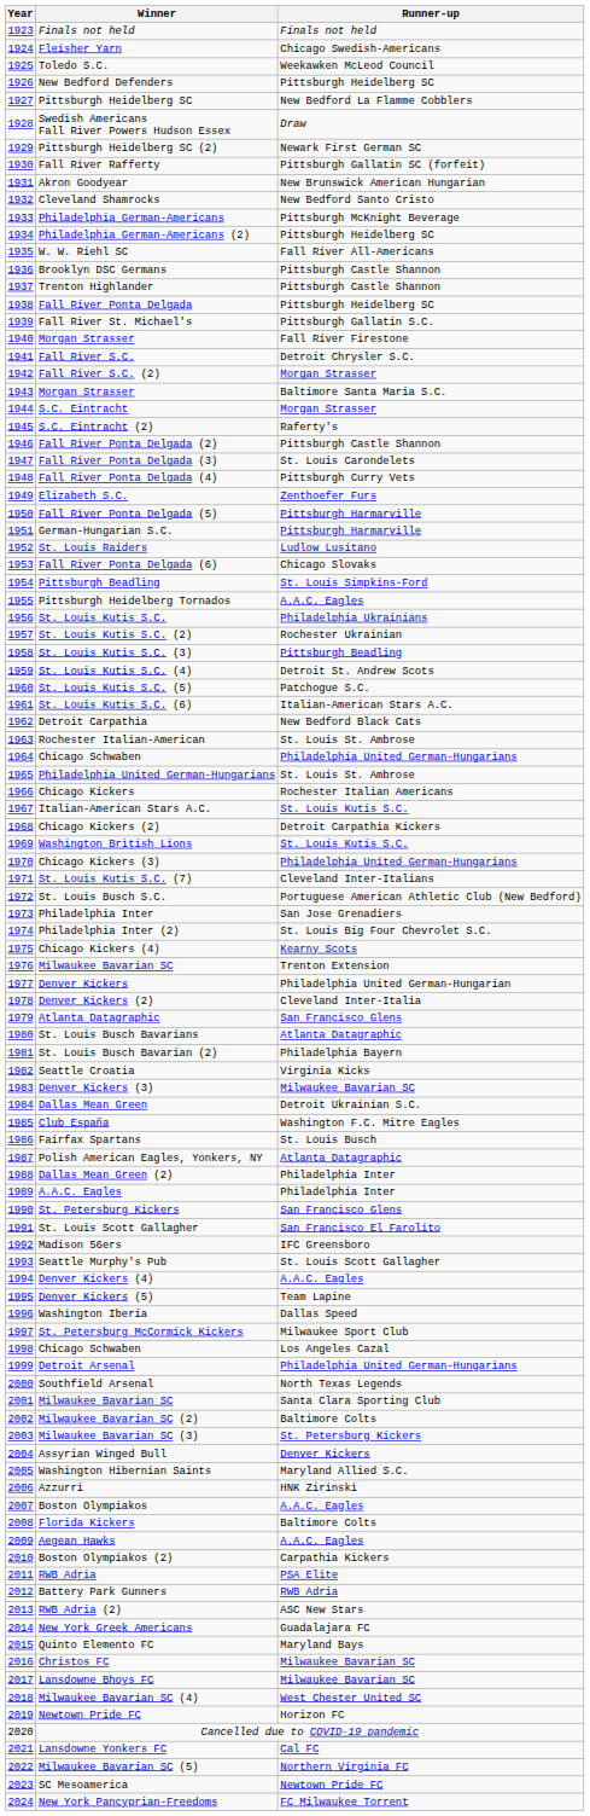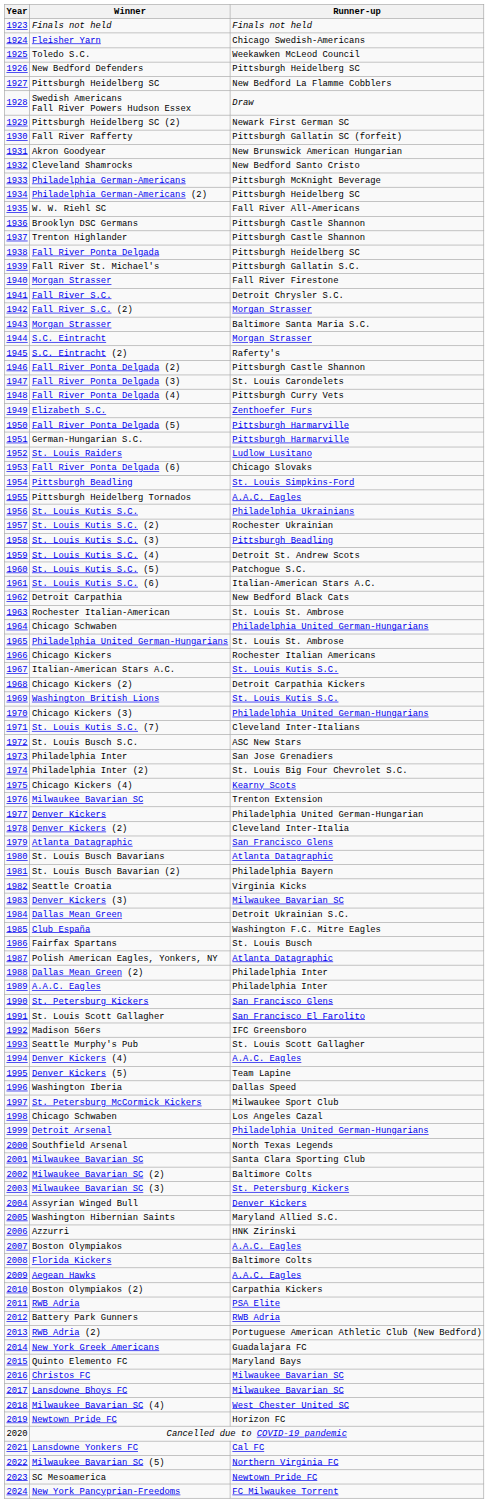 <table class="wikitable">
 <tr>
 <th>Year</th>
 <th>Winner</th>
 <th>Runner-up</th>
 </tr>
 <tr>
 <td><a href='#'>1923</a></td>
 <td><em>Finals not held</em></td>
 <td><em>Finals not held</em></td>
 </tr>
 <tr>
 <td><a href='#'>1924</a></td>
 <td><a href='#'>Fleisher Yarn</a></td>
 <td>Chicago Swedish-Americans</td>
 </tr>
 <tr>
 <td><a href='#'>1925</a></td>
 <td>Toledo S.C.</td>
 <td>Weekawken McLeod Council</td>
 </tr>
 <tr>
 <td><a href='#'>1926</a></td>
 <td>New Bedford Defenders</td>
 <td>Pittsburgh Heidelberg SC</td>
 </tr>
 <tr>
 <td><a href='#'>1927</a></td>
 <td>Pittsburgh Heidelberg SC</td>
 <td>New Bedford La Flamme Cobblers</td>
 </tr>
 <tr>
 <td><a href='#'>1928</a></td>
 <td>Swedish Americans<br>Fall River Powers Hudson Essex</td>
 <td><em>Draw</em></td>
 </tr>
 <tr>
 <td><a href='#'>1929</a></td>
 <td>Pittsburgh Heidelberg SC (2)</td>
 <td>Newark First German SC</td>
 </tr>
 <tr>
 <td><a href='#'>1930</a></td>
 <td>Fall River Rafferty</td>
 <td>Pittsburgh Gallatin SC (forfeit)</td>
 </tr>
 <tr>
 <td><a href='#'>1931</a></td>
 <td>Akron Goodyear</td>
 <td>New Brunswick American Hungarian</td>
 </tr>
 <tr>
 <td><a href='#'>1932</a></td>
 <td>Cleveland Shamrocks</td>
 <td>New Bedford Santo Cristo</td>
 </tr>
 <tr>
 <td><a href='#'>1933</a></td>
 <td><a href='#'>Philadelphia German-Americans</a></td>
 <td>Pittsburgh McKnight Beverage</td>
 </tr>
 <tr>
 <td><a href='#'>1934</a></td>
 <td><a href='#'>Philadelphia German-Americans</a> (2)</td>
 <td>Pittsburgh Heidelberg SC</td>
 </tr>
 <tr>
 <td><a href='#'>1935</a></td>
 <td>W. W. Riehl SC</td>
 <td>Fall River All-Americans</td>
 </tr>
 <tr>
 <td><a href='#'>1936</a></td>
 <td>Brooklyn DSC Germans</td>
 <td>Pittsburgh Castle Shannon</td>
 </tr>
 <tr>
 <td><a href='#'>1937</a></td>
 <td>Trenton Highlander</td>
 <td>Pittsburgh Castle Shannon</td>
 </tr>
 <tr>
 <td><a href='#'>1938</a></td>
 <td><a href='#'>Fall River Ponta Delgada</a></td>
 <td>Pittsburgh Heidelberg SC</td>
 </tr>
 <tr>
 <td><a href='#'>1939</a></td>
 <td>Fall River St. Michael's</td>
 <td>Pittsburgh Gallatin S.C.</td>
 </tr>
 <tr>
 <td><a href='#'>1940</a></td>
 <td><a href='#'>Morgan Strasser</a></td>
 <td>Fall River Firestone</td>
 </tr>
 <tr>
 <td><a href='#'>1941</a></td>
 <td><a href='#'>Fall River S.C.</a></td>
 <td>Detroit Chrysler S.C.</td>
 </tr>
 <tr>
 <td><a href='#'>1942</a></td>
 <td><a href='#'>Fall River S.C.</a> (2)</td>
 <td><a href='#'>Morgan Strasser</a></td>
 </tr>
 <tr>
 <td><a href='#'>1943</a></td>
 <td><a href='#'>Morgan Strasser</a></td>
 <td>Baltimore Santa Maria S.C.</td>
 </tr>
 <tr>
 <td><a href='#'>1944</a></td>
 <td><a href='#'>S.C. Eintracht</a></td>
 <td><a href='#'>Morgan Strasser</a></td>
 </tr>
 <tr>
 <td><a href='#'>1945</a></td>
 <td><a href='#'>S.C. Eintracht</a> (2)</td>
 <td>Raferty's</td>
 </tr>
 <tr>
 <td><a href='#'>1946</a></td>
 <td><a href='#'>Fall River Ponta Delgada</a> (2)</td>
 <td>Pittsburgh Castle Shannon</td>
 </tr>
 <tr>
 <td><a href='#'>1947</a></td>
 <td><a href='#'>Fall River Ponta Delgada</a> (3)</td>
 <td>St. Louis Carondelets</td>
 </tr>
 <tr>
 <td><a href='#'>1948</a></td>
 <td><a href='#'>Fall River Ponta Delgada</a> (4)</td>
 <td>Pittsburgh Curry Vets</td>
 </tr>
 <tr>
 <td><a href='#'>1949</a></td>
 <td><a href='#'>Elizabeth S.C.</a></td>
 <td><a href='#'>Zenthoefer Furs</a></td>
 </tr>
 <tr>
 <td><a href='#'>1950</a></td>
 <td><a href='#'>Fall River Ponta Delgada</a> (5)</td>
 <td><a href='#'>Pittsburgh Harmarville</a></td>
 </tr>
 <tr>
 <td><a href='#'>1951</a></td>
 <td>German-Hungarian S.C.</td>
 <td><a href='#'>Pittsburgh Harmarville</a></td>
 </tr>
 <tr>
 <td><a href='#'>1952</a></td>
 <td><a href='#'>St. Louis Raiders</a></td>
 <td><a href='#'>Ludlow Lusitano</a></td>
 </tr>
 <tr>
 <td><a href='#'>1953</a></td>
 <td><a href='#'>Fall River Ponta Delgada</a> (6)</td>
 <td>Chicago Slovaks</td>
 </tr>
 <tr>
 <td><a href='#'>1954</a></td>
 <td><a href='#'>Pittsburgh Beadling</a></td>
 <td><a href='#'>St. Louis Simpkins-Ford</a></td>
 </tr>
 <tr>
 <td><a href='#'>1955</a></td>
 <td>Pittsburgh Heidelberg Tornados</td>
 <td><a href='#'>A.A.C. Eagles</a></td>
 </tr>
 <tr>
 <td><a href='#'>1956</a></td>
 <td><a href='#'>St. Louis Kutis S.C.</a></td>
 <td><a href='#'>Philadelphia Ukrainians</a></td>
 </tr>
 <tr>
 <td><a href='#'>1957</a></td>
 <td><a href='#'>St. Louis Kutis S.C.</a> (2)</td>
 <td>Rochester Ukrainian</td>
 </tr>
 <tr>
 <td><a href='#'>1958</a></td>
 <td><a href='#'>St. Louis Kutis S.C.</a> (3)</td>
 <td><a href='#'>Pittsburgh Beadling</a></td>
 </tr>
 <tr>
 <td><a href='#'>1959</a></td>
 <td><a href='#'>St. Louis Kutis S.C.</a> (4)</td>
 <td>Detroit St. Andrew Scots</td>
 </tr>
 <tr>
 <td><a href='#'>1960</a></td>
 <td><a href='#'>St. Louis Kutis S.C.</a> (5)</td>
 <td>Patchogue S.C.</td>
 </tr>
 <tr>
 <td><a href='#'>1961</a></td>
 <td><a href='#'>St. Louis Kutis S.C.</a> (6)</td>
 <td>Italian-American Stars A.C.</td>
 </tr>
 <tr>
 <td><a href='#'>1962</a></td>
 <td>Detroit Carpathia</td>
 <td>New Bedford Black Cats</td>
 </tr>
 <tr>
 <td><a href='#'>1963</a></td>
 <td>Rochester Italian-American</td>
 <td>St. Louis St. Ambrose</td>
 </tr>
 <tr>
 <td><a href='#'>1964</a></td>
 <td>Chicago Schwaben</td>
 <td><a href='#'>Philadelphia United German-Hungarians</a></td>
 </tr>
 <tr>
 <td><a href='#'>1965</a></td>
 <td><a href='#'>Philadelphia United German-Hungarians</a></td>
 <td>St. Louis St. Ambrose</td>
 </tr>
 <tr>
 <td><a href='#'>1966</a></td>
 <td>Chicago Kickers</td>
 <td>Rochester Italian Americans</td>
 </tr>
 <tr>
 <td><a href='#'>1967</a></td>
 <td>Italian-American Stars A.C.</td>
 <td><a href='#'>St. Louis Kutis S.C.</a></td>
 </tr>
 <tr>
 <td><a href='#'>1968</a></td>
 <td>Chicago Kickers (2)</td>
 <td>Detroit Carpathia Kickers</td>
 </tr>
 <tr>
 <td><a href='#'>1969</a></td>
 <td><a href='#'>Washington British Lions</a></td>
 <td><a href='#'>St. Louis Kutis S.C.</a></td>
 </tr>
 <tr>
 <td><a href='#'>1970</a></td>
 <td>Chicago Kickers (3)</td>
 <td><a href='#'>Philadelphia United German-Hungarians</a></td>
 </tr>
 <tr>
 <td><a href='#'>1971</a></td>
 <td><a href='#'>St. Louis Kutis S.C.</a> (7)</td>
 <td>Cleveland Inter-Italians</td>
 </tr>
 <tr>
 <td><a href='#'>1972</a></td>
 <td>St. Louis Busch S.C.</td>
-<td>Portuguese American Athletic Club (New Bedford)</td>
+<td>ASC New Stars</td>
 </tr>
 <tr>
 <td><a href='#'>1973</a></td>
 <td>Philadelphia Inter</td>
 <td>San Jose Grenadiers</td>
 </tr>
 <tr>
 <td><a href='#'>1974</a></td>
 <td>Philadelphia Inter (2)</td>
 <td>St. Louis Big Four Chevrolet S.C.</td>
 </tr>
 <tr>
 <td><a href='#'>1975</a></td>
 <td>Chicago Kickers (4)</td>
 <td><a href='#'>Kearny Scots</a></td>
 </tr>
 <tr>
 <td><a href='#'>1976</a></td>
 <td><a href='#'>Milwaukee Bavarian SC</a></td>
 <td>Trenton Extension</td>
 </tr>
 <tr>
 <td><a href='#'>1977</a></td>
 <td><a href='#'>Denver Kickers</a></td>
 <td>Philadelphia United German-Hungarian</td>
 </tr>
 <tr>
 <td><a href='#'>1978</a></td>
 <td><a href='#'>Denver Kickers</a> (2)</td>
 <td>Cleveland Inter-Italia</td>
 </tr>
 <tr>
 <td><a href='#'>1979</a></td>
 <td><a href='#'>Atlanta Datagraphic</a></td>
 <td><a href='#'>San Francisco Glens</a></td>
 </tr>
 <tr>
 <td><a href='#'>1980</a></td>
 <td>St. Louis Busch Bavarians</td>
 <td><a href='#'>Atlanta Datagraphic</a></td>
 </tr>
 <tr>
 <td><a href='#'>1981</a></td>
 <td>St. Louis Busch Bavarian (2)</td>
 <td>Philadelphia Bayern</td>
 </tr>
 <tr>
 <td><a href='#'>1982</a></td>
 <td>Seattle Croatia</td>
 <td>Virginia Kicks</td>
 </tr>
 <tr>
 <td><a href='#'>1983</a></td>
 <td><a href='#'>Denver Kickers</a> (3)</td>
 <td><a href='#'>Milwaukee Bavarian SC</a></td>
 </tr>
 <tr>
 <td><a href='#'>1984</a></td>
 <td><a href='#'>Dallas Mean Green</a></td>
 <td>Detroit Ukrainian S.C.</td>
 </tr>
 <tr>
 <td><a href='#'>1985</a></td>
 <td><a href='#'>Club España</a></td>
 <td>Washington F.C. Mitre Eagles</td>
 </tr>
 <tr>
 <td><a href='#'>1986</a></td>
 <td>Fairfax Spartans</td>
 <td>St. Louis Busch</td>
 </tr>
 <tr>
 <td><a href='#'>1987</a></td>
 <td>Polish American Eagles, Yonkers, NY</td>
 <td><a href='#'>Atlanta Datagraphic</a></td>
 </tr>
 <tr>
 <td><a href='#'>1988</a></td>
 <td><a href='#'>Dallas Mean Green</a> (2)</td>
 <td>Philadelphia Inter</td>
 </tr>
 <tr>
 <td><a href='#'>1989</a></td>
 <td><a href='#'>A.A.C. Eagles</a></td>
 <td>Philadelphia Inter</td>
 </tr>
 <tr>
 <td><a href='#'>1990</a></td>
 <td><a href='#'>St. Petersburg Kickers</a></td>
 <td><a href='#'>San Francisco Glens</a></td>
 </tr>
 <tr>
 <td><a href='#'>1991</a></td>
 <td>St. Louis Scott Gallagher</td>
 <td><a href='#'>San Francisco El Farolito</a></td>
 </tr>
 <tr>
 <td><a href='#'>1992</a></td>
 <td>Madison 56ers</td>
 <td>IFC Greensboro</td>
 </tr>
 <tr>
 <td><a href='#'>1993</a></td>
 <td>Seattle Murphy's Pub</td>
 <td>St. Louis Scott Gallagher</td>
 </tr>
 <tr>
 <td><a href='#'>1994</a></td>
 <td><a href='#'>Denver Kickers</a> (4)</td>
 <td><a href='#'>A.A.C. Eagles</a></td>
 </tr>
 <tr>
 <td><a href='#'>1995</a></td>
 <td><a href='#'>Denver Kickers</a> (5)</td>
 <td>Team Lapine</td>
 </tr>
 <tr>
 <td><a href='#'>1996</a></td>
 <td>Washington Iberia</td>
 <td>Dallas Speed</td>
 </tr>
 <tr>
 <td><a href='#'>1997</a></td>
 <td><a href='#'>St. Petersburg McCormick Kickers</a></td>
 <td>Milwaukee Sport Club</td>
 </tr>
 <tr>
 <td><a href='#'>1998</a></td>
 <td>Chicago Schwaben</td>
 <td>Los Angeles Cazal</td>
 </tr>
 <tr>
 <td><a href='#'>1999</a></td>
 <td><a href='#'>Detroit Arsenal</a></td>
 <td><a href='#'>Philadelphia United German-Hungarians</a></td>
 </tr>
 <tr>
 <td><a href='#'>2000</a></td>
 <td>Southfield Arsenal</td>
 <td>North Texas Legends</td>
 </tr>
 <tr>
 <td><a href='#'>2001</a></td>
 <td><a href='#'>Milwaukee Bavarian SC</a></td>
 <td>Santa Clara Sporting Club</td>
 </tr>
 <tr>
 <td><a href='#'>2002</a></td>
 <td><a href='#'>Milwaukee Bavarian SC</a> (2)</td>
 <td>Baltimore Colts</td>
 </tr>
 <tr>
 <td><a href='#'>2003</a></td>
 <td><a href='#'>Milwaukee Bavarian SC</a> (3)</td>
 <td><a href='#'>St. Petersburg Kickers</a></td>
 </tr>
 <tr>
 <td><a href='#'>2004</a></td>
 <td>Assyrian Winged Bull</td>
 <td><a href='#'>Denver Kickers</a></td>
 </tr>
 <tr>
 <td><a href='#'>2005</a></td>
 <td>Washington Hibernian Saints</td>
 <td>Maryland Allied S.C.</td>
 </tr>
 <tr>
 <td><a href='#'>2006</a></td>
 <td>Azzurri</td>
 <td>HNK Zirinski</td>
 </tr>
 <tr>
 <td><a href='#'>2007</a></td>
 <td>Boston Olympiakos</td>
 <td><a href='#'>A.A.C. Eagles</a></td>
 </tr>
 <tr>
 <td><a href='#'>2008</a></td>
 <td><a href='#'>Florida Kickers</a></td>
 <td>Baltimore Colts</td>
 </tr>
 <tr>
 <td><a href='#'>2009</a></td>
 <td><a href='#'>Aegean Hawks</a></td>
 <td><a href='#'>A.A.C. Eagles</a></td>
 </tr>
 <tr>
 <td><a href='#'>2010</a></td>
 <td>Boston Olympiakos (2)</td>
 <td>Carpathia Kickers</td>
 </tr>
 <tr>
 <td><a href='#'>2011</a></td>
 <td><a href='#'>RWB Adria</a></td>
 <td><a href='#'>PSA Elite</a></td>
 </tr>
 <tr>
 <td><a href='#'>2012</a></td>
 <td>Battery Park Gunners</td>
 <td><a href='#'>RWB Adria</a></td>
 </tr>
 <tr>
 <td><a href='#'>2013</a></td>
 <td><a href='#'>RWB Adria</a> (2)</td>
-<td>ASC New Stars</td>
+<td>Portuguese American Athletic Club (New Bedford)</td>
 </tr>
 <tr>
 <td><a href='#'>2014</a></td>
 <td><a href='#'>New York Greek Americans</a></td>
 <td>Guadalajara FC</td>
 </tr>
 <tr>
 <td><a href='#'>2015</a></td>
 <td>Quinto Elemento FC</td>
 <td>Maryland Bays</td>
 </tr>
 <tr>
 <td><a href='#'>2016</a></td>
 <td><a href='#'>Christos FC</a></td>
 <td><a href='#'>Milwaukee Bavarian SC</a></td>
 </tr>
 <tr>
 <td><a href='#'>2017</a></td>
 <td><a href='#'>Lansdowne Bhoys FC</a></td>
 <td><a href='#'>Milwaukee Bavarian SC</a></td>
 </tr>
 <tr>
 <td><a href='#'>2018</a></td>
 <td><a href='#'>Milwaukee Bavarian SC</a> (4)</td>
 <td><a href='#'>West Chester United SC</a></td>
 </tr>
 <tr>
 <td><a href='#'>2019</a></td>
 <td><a href='#'>Newtown Pride FC</a></td>
 <td>Horizon FC</td>
 </tr>
 <tr>
 <td>2020</td>
 <td style="text-align:center;" colspan="2"><em>Cancelled due to <a href='#'>COVID-19 pandemic</a></em></td>
 </tr>
 <tr>
 <td><a href='#'>2021</a></td>
 <td><a href='#'>Lansdowne Yonkers FC</a></td>
 <td><a href='#'>Cal FC</a></td>
 </tr>
 <tr>
 <td><a href='#'>2022</a></td>
 <td><a href='#'>Milwaukee Bavarian SC</a> (5)</td>
 <td><a href='#'>Northern Virginia FC</a></td>
 </tr>
 <tr>
 <td><a href='#'>2023</a></td>
 <td>SC Mesoamerica</td>
 <td><a href='#'>Newtown Pride FC</a></td>
 </tr>
 <tr>
 <td><a href='#'>2024</a></td>
 <td><a href='#'>New York Pancyprian-Freedoms</a></td>
 <td><a href='#'>FC Milwaukee Torrent</a></td>
 </tr>
 </table>
